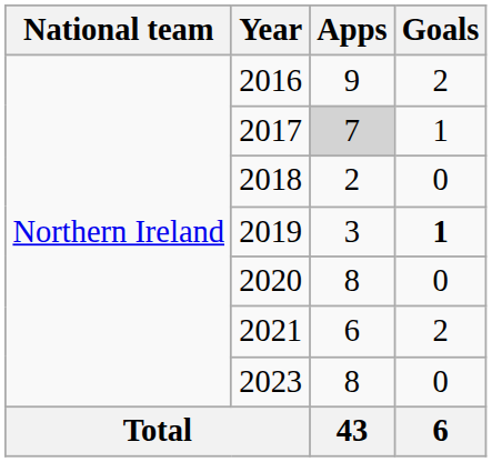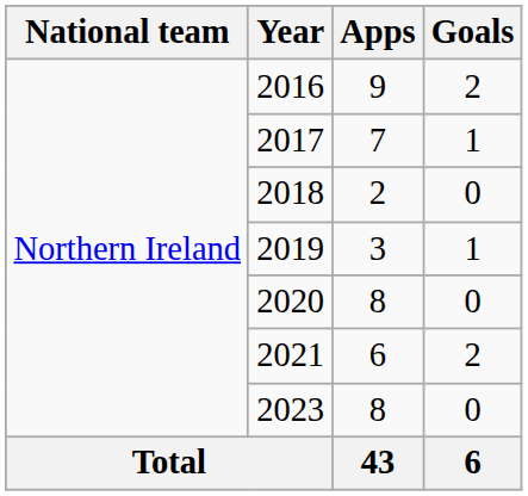 <table class=wikitable style="text-align: center;">
 <tr>
 <th>National team</th>
 <th>Year</th>
 <th>Apps</th>
 <th>Goals</th>
 </tr>
 <tr>
 <td rowspan="7" valign="center"><a href='#'>Northern Ireland</a></td>
 <td>2016</td>
 <td>9</td>
 <td>2</td>
 </tr>
 <tr>
 <td>2017</td>
-<td style="background: lightgrey;">7</td>
+<td>7</td>
 <td>1</td>
 </tr>
 <tr>
 <td>2018</td>
 <td>2</td>
 <td>0</td>
 </tr>
 <tr>
 <td>2019</td>
 <td>3</td>
-<td><strong>1</strong></td>
+<td>1</td>
 </tr>
 <tr>
 <td>2020</td>
 <td>8</td>
 <td>0</td>
 </tr>
 <tr>
 <td>2021</td>
 <td>6</td>
 <td>2</td>
 </tr>
 <tr>
 <td>2023</td>
 <td>8</td>
 <td>0</td>
 </tr>
 <tr>
 <th colspan="2">Total</th>
 <th>43</th>
 <th>6</th>
 </tr>
 </table>
